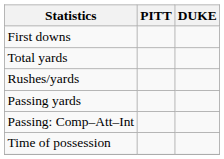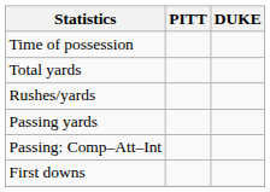 <table class="wikitable" style="float: left;">
 <tr>
 <th>Statistics</th>
 <th>PITT</th>
 <th>DUKE</th>
 </tr>
 <tr>
-<td>First downs</td>
+<td>Time of possession</td>
 <td></td>
 <td></td>
 </tr>
 <tr>
 <td>Total yards</td>
 <td></td>
 <td></td>
 </tr>
 <tr>
 <td>Rushes/yards</td>
 <td></td>
 <td></td>
 </tr>
 <tr>
 <td>Passing yards</td>
 <td></td>
 <td></td>
 </tr>
 <tr>
 <td>Passing: Comp–Att–Int</td>
 <td></td>
 <td></td>
 </tr>
 <tr>
-<td>Time of possession</td>
+<td>First downs</td>
 <td></td>
 <td></td>
 </tr>
 <tr>
 </tr>
 </table>
